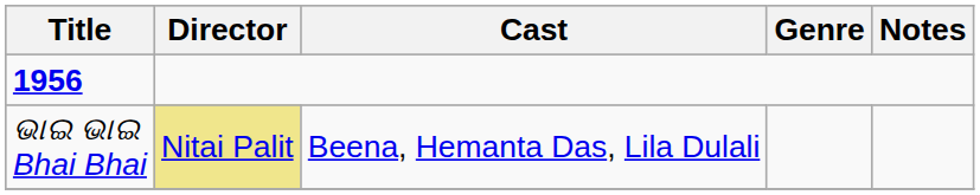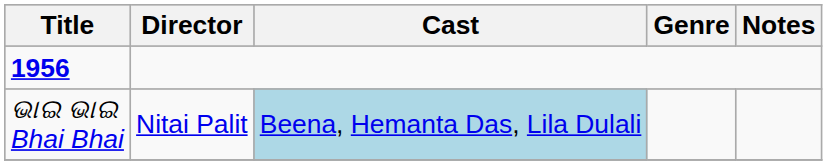 <table class="wikitable">
 <tr>
 <th>Title</th>
 <th>Director</th>
 <th>Cast</th>
 <th>Genre</th>
 <th>Notes</th>
 </tr>
 <tr>
 <td><strong><a href='#'>1956</a></strong></td>
 </tr>
 <tr>
 <td><em>ଭାଇ ଭାଇ<br><a href='#'>Bhai Bhai</a></em></td>
-<td style="background: khaki;"><a href='#'>Nitai Palit</a></td>
-<td><a href='#'>Beena</a>, <a href='#'>Hemanta Das</a>, <a href='#'>Lila Dulali</a></td>
+<td><a href='#'>Nitai Palit</a></td>
+<td style="background: lightblue;"><a href='#'>Beena</a>, <a href='#'>Hemanta Das</a>, <a href='#'>Lila Dulali</a></td>
 <td></td>
 <td></td>
 </tr>
 <tr>
 </tr>
 </table>
